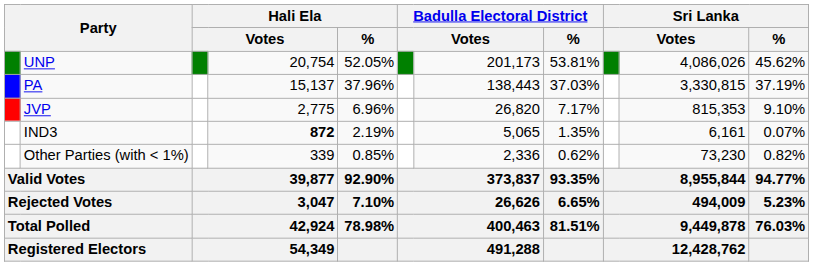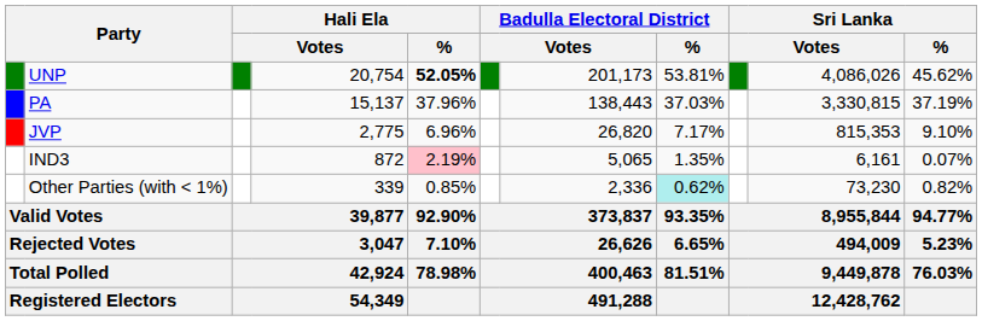 <table class="wikitable">
 <tr>
 <th colspan="2" width="144px"rowspan="2">Party</th>
 <th colspan="3" width="216px">Hali Ela</th>
 <th colspan="3" width="216px"><a href='#'>Badulla Electoral District</a></th>
 <th colspan="3" width="216px">Sri Lanka</th>
 </tr>
 <tr>
 <th colspan="2" width="144px">Votes</th>
 <th>%</th>
 <th colspan="2" width="144px">Votes</th>
 <th>%</th>
 <th colspan="2" width="144px">Votes</th>
 <th>%</th>
 </tr>
 <tr>
 <td style="background-color:green;" width="10px"></td>
 <td style="text-align:left;"><a href='#'>UNP</a></td>
 <td style="background-color:green;" width="10px"></td>
 <td style="text-align:right;">20,754</td>
-<td style="text-align:right;">52.05%</td>
+<td style="text-align:right;"><strong>52.05%</strong></td>
 <td style="background-color:green;" width="10px"></td>
 <td style="text-align:right;">201,173</td>
 <td style="text-align:right;">53.81%</td>
 <td style="background-color:green;" width="10px"></td>
 <td style="text-align:right;">4,086,026</td>
 <td style="text-align:right;">45.62%</td>
 </tr>
 <tr>
 <td style="background-color:blue;" width="10px"></td>
 <td style="text-align:left;"><a href='#'>PA</a></td>
 <td style="background-color:white;" width="10px"></td>
 <td style="text-align:right;">15,137</td>
 <td style="text-align:right;">37.96%</td>
 <td style="background-color:white;" width="10px"></td>
 <td style="text-align:right;">138,443</td>
 <td style="text-align:right;">37.03%</td>
 <td style="background-color:white;" width="10px"></td>
 <td style="text-align:right;">3,330,815</td>
 <td style="text-align:right;">37.19%</td>
 </tr>
 <tr>
 <td style="background-color:red;" width="10px"></td>
 <td style="text-align:left;"><a href='#'>JVP</a></td>
 <td style="background-color:white;" width="10px"></td>
 <td style="text-align:right;">2,775</td>
 <td style="text-align:right;">6.96%</td>
 <td style="background-color:white;" width="10px"></td>
 <td style="text-align:right;">26,820</td>
 <td style="text-align:right;">7.17%</td>
 <td style="background-color:white;" width="10px"></td>
 <td style="text-align:right;">815,353</td>
 <td style="text-align:right;">9.10%</td>
 </tr>
 <tr>
 <td style="background-color:white;" width="10px"></td>
 <td style="text-align:left;">IND3</td>
 <td style="background-color:white;" width="10px"></td>
-<td style="text-align:right;"><strong>872</strong></td>
-<td style="text-align:right;">2.19%</td>
+<td style="text-align:right;">872</td>
+<td style="background: pink; text-align:right;">2.19%</td>
 <td style="background-color:white;" width="10px"></td>
 <td style="text-align:right;">5,065</td>
 <td style="text-align:right;">1.35%</td>
 <td style="background-color:white;" width="10px"></td>
 <td style="text-align:right;">6,161</td>
 <td style="text-align:right;">0.07%</td>
 </tr>
 <tr>
 <td style="background-color:white;" width="10px"></td>
 <td style="text-align:left;">Other Parties (with < 1%)</td>
 <td style="background-color:white;" width="10px"></td>
 <td style="text-align:right;">339</td>
 <td style="text-align:right;">0.85%</td>
 <td style="background-color:white;" width="10px"></td>
 <td style="text-align:right;">2,336</td>
-<td style="text-align:right;">0.62%</td>
+<td style="background: paleturquoise; text-align:right;">0.62%</td>
 <td style="background-color:white;" width="10px"></td>
 <td style="text-align:right;">73,230</td>
 <td style="text-align:right;">0.82%</td>
 </tr>
 <tr>
 <th colspan="2" width="144px"style="text-align:left;">Valid Votes</th>
 <th style="text-align:right;"colspan="2" width="144px">39,877</th>
 <th style="text-align:right;">92.90%</th>
 <th style="text-align:right;"colspan="2" width="144px">373,837</th>
 <th style="text-align:right;">93.35%</th>
 <th style="text-align:right;"colspan="2" width="144px">8,955,844</th>
 <th style="text-align:right;">94.77%</th>
 </tr>
 <tr>
 <th colspan="2" width="144px"style="text-align:left;">Rejected Votes</th>
 <th style="text-align:right;"colspan="2" width="144px">3,047</th>
 <th style="text-align:right;">7.10%</th>
 <th style="text-align:right;"colspan="2" width="144px">26,626</th>
 <th style="text-align:right;">6.65%</th>
 <th style="text-align:right;"colspan="2" width="144px">494,009</th>
 <th style="text-align:right;">5.23%</th>
 </tr>
 <tr>
 <th colspan="2" width="144px"style="text-align:left;">Total Polled</th>
 <th style="text-align:right;"colspan="2" width="144px">42,924</th>
 <th style="text-align:right;">78.98%</th>
 <th style="text-align:right;"colspan="2" width="144px">400,463</th>
 <th style="text-align:right;">81.51%</th>
 <th style="text-align:right;"colspan="2" width="144px">9,449,878</th>
 <th style="text-align:right;">76.03%</th>
 </tr>
 <tr>
 <th colspan="2" width="144px"style="text-align:left;">Registered Electors</th>
 <th style="text-align:right;"colspan="2" width="144px">54,349</th>
 <th></th>
 <th style="text-align:right;"colspan="2" width="144px">491,288</th>
 <th></th>
 <th style="text-align:right;"colspan="2" width="144px">12,428,762</th>
 <th></th>
 </tr>
 </table>
